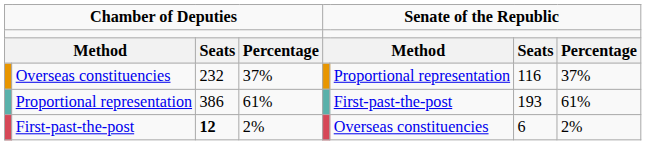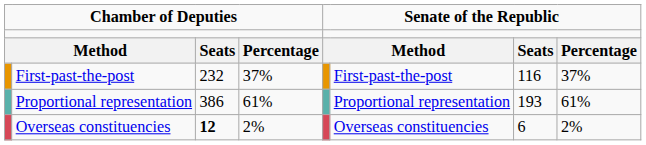 <table class="wikitable" style="text-align:left">
 <tr>
 <td align=center colspan="4"><strong>Chamber of Deputies</strong></td>
 <td align=center colspan="4"><strong>Senate of the Republic</strong></td>
 </tr>
 <tr>
 <td colspan="4"></td>
 <td colspan="4"></td>
 </tr>
 <tr>
 <th align=left colspan=2>Method</th>
 <th align=left>Seats</th>
 <th align=left>Percentage</th>
 <th align=left colspan=2>Method</th>
 <th align=left>Seats</th>
 <th align=left>Percentage</th>
 </tr>
 <tr>
 <td bgcolor="#E89600"></td>
-<td><a href='#'>Overseas constituencies</a></td>
+<td><a href='#'>First-past-the-post</a></td>
 <td>232</td>
 <td>37%</td>
 <td bgcolor="#E89600"></td>
-<td><a href='#'>Proportional representation</a></td>
+<td><a href='#'>First-past-the-post</a></td>
 <td>116</td>
 <td>37%</td>
 </tr>
 <tr>
 <td bgcolor="#59B1AA"></td>
 <td><a href='#'>Proportional representation</a></td>
 <td>386</td>
 <td>61%</td>
 <td bgcolor="#59B1AA"></td>
-<td><a href='#'>First-past-the-post</a></td>
+<td><a href='#'>Proportional representation</a></td>
 <td>193</td>
 <td>61%</td>
 </tr>
 <tr>
 <td bgcolor="#D64757"></td>
-<td><a href='#'>First-past-the-post</a></td>
+<td><a href='#'>Overseas constituencies</a></td>
 <td><strong>12</strong></td>
 <td>2%</td>
 <td bgcolor="#D64757"></td>
 <td><a href='#'>Overseas constituencies</a></td>
 <td>6</td>
 <td>2%</td>
 </tr>
 </table>
